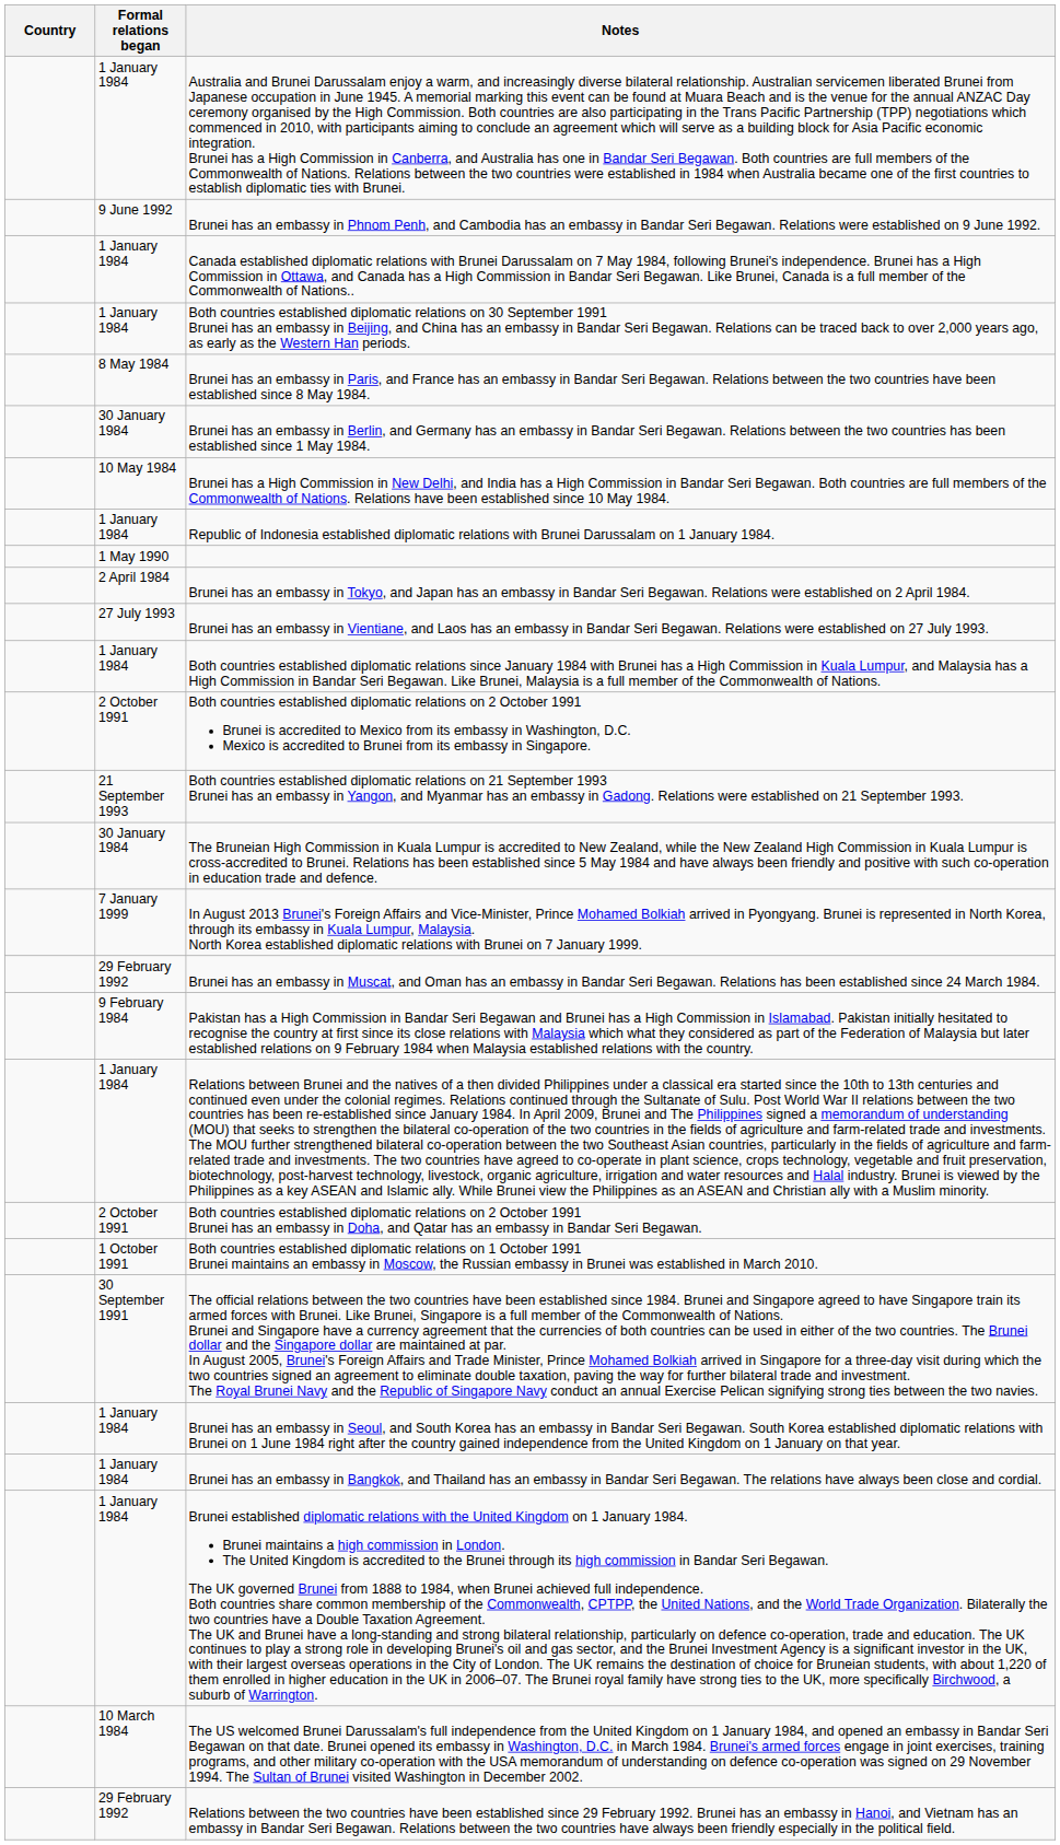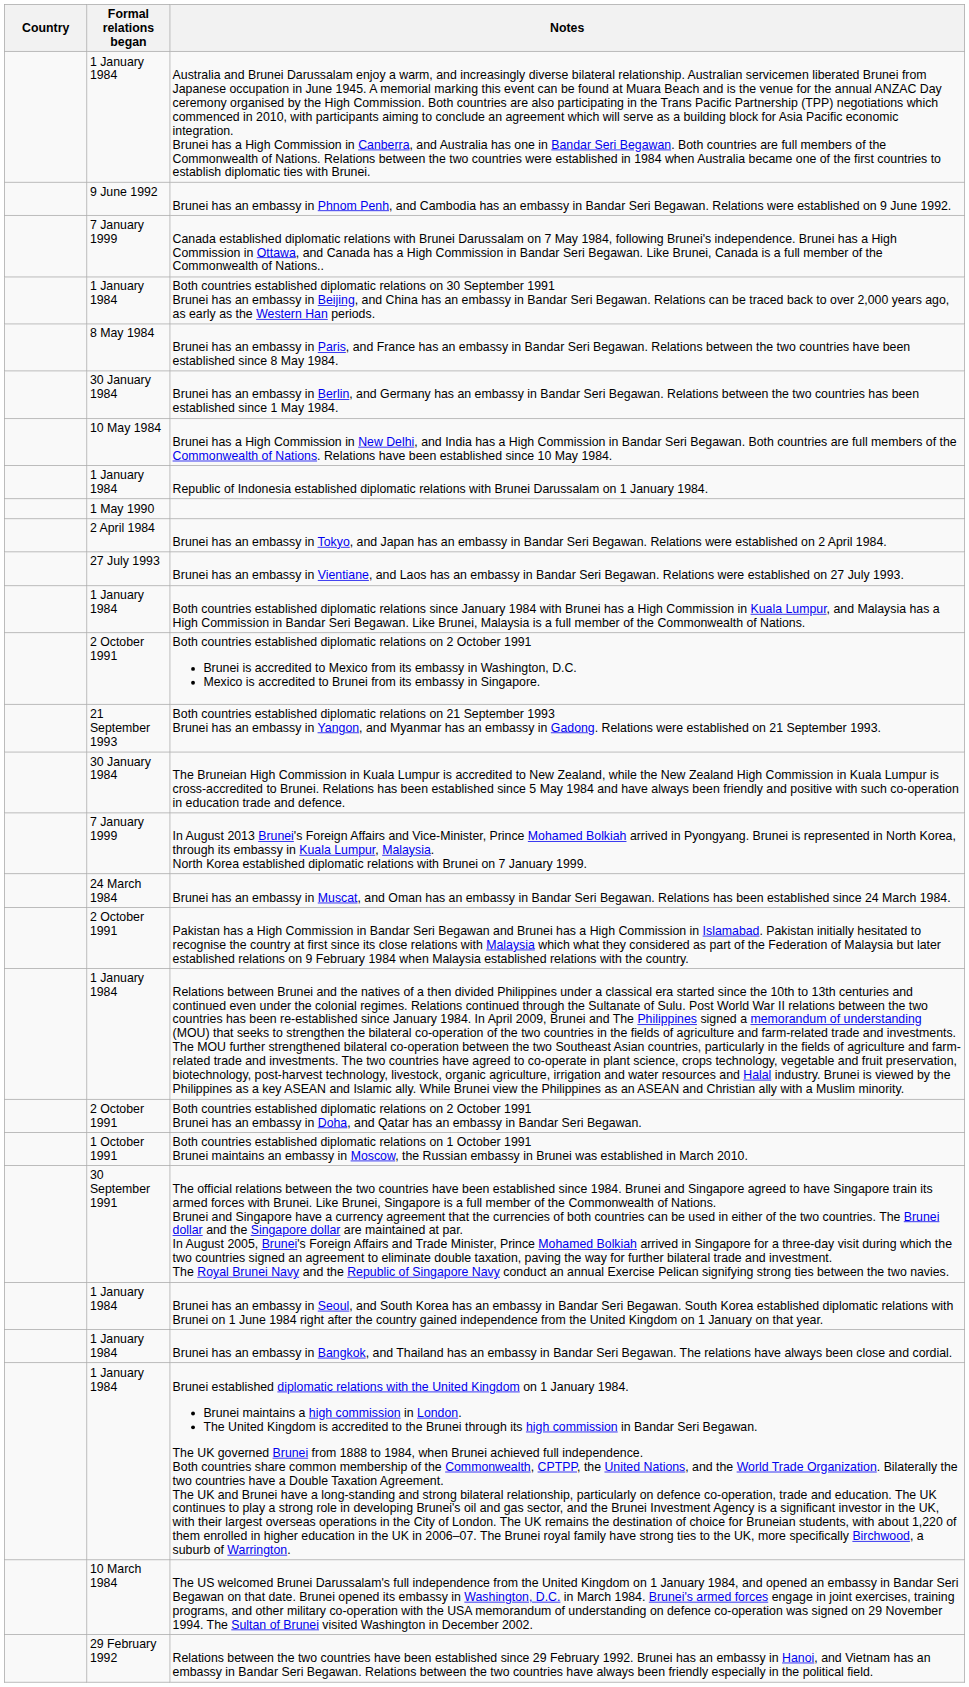 <table class="wikitable sortable">
 <tr>
 <th width=100>Country</th>
 <th width=100>Formal relations began</th>
 <th class=unsortable>Notes</th>
 </tr>
 <tr valign="top">
 <td></td>
 <td>1 January 1984</td>
 <td><br>Australia and Brunei Darussalam enjoy a warm, and increasingly diverse bilateral relationship. Australian servicemen liberated Brunei from Japanese occupation in June 1945. A memorial marking this event can be found at Muara Beach and is the venue for the annual ANZAC Day ceremony organised by the High Commission. Both countries are also participating in the Trans Pacific Partnership (TPP) negotiations which commenced in 2010, with participants aiming to conclude an agreement which will serve as a building block for Asia Pacific economic integration.<br>Brunei has a High Commission in <a href='#'>Canberra</a>, and Australia has one in <a href='#'>Bandar Seri Begawan</a>. Both countries are full members of the Commonwealth of Nations. Relations between the two countries were established in 1984 when Australia became one of the first countries to establish diplomatic ties with Brunei.</td>
 </tr>
 <tr valign="top">
 <td></td>
 <td>9 June 1992</td>
 <td><br>Brunei has an embassy in <a href='#'>Phnom Penh</a>, and Cambodia has an embassy in Bandar Seri Begawan. Relations were established on 9 June 1992.</td>
 </tr>
 <tr valign="top">
 <td></td>
-<td>1 January 1984</td>
+<td>7 January 1999</td>
 <td><br>Canada established diplomatic relations with Brunei Darussalam on 7 May 1984, following Brunei's independence. Brunei has a High Commission in <a href='#'>Ottawa</a>, and Canada has a High Commission in Bandar Seri Begawan. Like Brunei, Canada is a full member of the Commonwealth of Nations..</td>
 </tr>
 <tr valign="top">
 <td></td>
 <td>1 January 1984</td>
 <td>Both countries established diplomatic relations on 30 September 1991<br>Brunei has an embassy in <a href='#'>Beijing</a>, and China has an embassy in Bandar Seri Begawan. Relations can be traced back to over 2,000 years ago, as early as the <a href='#'>Western Han</a> periods.</td>
 </tr>
 <tr valign="top">
 <td></td>
 <td>8 May 1984</td>
 <td><br>Brunei has an embassy in <a href='#'>Paris</a>, and France has an embassy in Bandar Seri Begawan. Relations between the two countries have been established since 8 May 1984.</td>
 </tr>
 <tr valign="top">
 <td></td>
 <td>30 January 1984</td>
 <td><br>Brunei has an embassy in <a href='#'>Berlin</a>, and Germany has an embassy in Bandar Seri Begawan. Relations between the two countries has been established since 1 May 1984.</td>
 </tr>
 <tr valign="top">
 <td></td>
 <td>10 May 1984</td>
 <td><br>Brunei has a High Commission in <a href='#'>New Delhi</a>, and India has a High Commission in Bandar Seri Begawan. Both countries are full members of the <a href='#'>Commonwealth of Nations</a>. Relations have been established since 10 May 1984.</td>
 </tr>
 <tr valign="top">
 <td></td>
 <td>1 January 1984</td>
 <td><br>Republic of Indonesia established diplomatic relations with Brunei Darussalam on 1 January 1984.</td>
 </tr>
 <tr valign="top">
 <td></td>
 <td>1 May 1990</td>
 <td></td>
 </tr>
 <tr valign="top">
 <td></td>
 <td>2 April 1984</td>
 <td><br> Brunei has an embassy in <a href='#'>Tokyo</a>, and Japan has an embassy in Bandar Seri Begawan. Relations were established on 2 April 1984.</td>
 </tr>
 <tr valign="top">
 <td></td>
 <td>27 July 1993</td>
 <td><br>Brunei has an embassy in <a href='#'>Vientiane</a>, and Laos has an embassy in Bandar Seri Begawan. Relations were established on 27 July 1993.</td>
 </tr>
 <tr valign="top">
 <td></td>
 <td>1 January 1984</td>
 <td><br>Both countries established diplomatic relations since January 1984 with Brunei has a High Commission in <a href='#'>Kuala Lumpur</a>, and Malaysia has a High Commission in Bandar Seri Begawan. Like Brunei, Malaysia is a full member of the Commonwealth of Nations.</td>
 </tr>
 <tr valign="top">
 <td></td>
 <td>2 October 1991</td>
 <td>Both countries established diplomatic relations on 2 October 1991<br><ul><li>Brunei is accredited to Mexico from its embassy in Washington, D.C.</li><li>Mexico is accredited to Brunei from its embassy in Singapore.</li></ul></td>
 </tr>
 <tr valign="top">
 <td></td>
 <td>21 September 1993</td>
 <td>Both countries established diplomatic relations on 21 September 1993<br>Brunei has an embassy in <a href='#'>Yangon</a>, and Myanmar has an embassy in <a href='#'>Gadong</a>. Relations were established on 21 September 1993.</td>
 </tr>
 <tr valign="top">
 <td></td>
 <td>30 January 1984</td>
 <td><br>The Bruneian High Commission in Kuala Lumpur is accredited to New Zealand, while the New Zealand High Commission in Kuala Lumpur is cross-accredited to Brunei. Relations has been established since 5 May 1984 and have always been friendly and positive with such co-operation in education trade and defence.</td>
 </tr>
 <tr valign="top">
 <td></td>
 <td>7 January 1999</td>
 <td><br>In August 2013 <a href='#'>Brunei</a>'s Foreign Affairs and Vice-Minister, Prince <a href='#'>Mohamed Bolkiah</a> arrived in Pyongyang. Brunei is represented in North Korea, through its embassy in <a href='#'>Kuala Lumpur</a>, <a href='#'>Malaysia</a>.<br>North Korea established diplomatic relations with Brunei on 7 January 1999.</td>
 </tr>
 <tr valign="top">
 <td></td>
-<td>29 February 1992</td>
+<td>24 March 1984</td>
 <td><br>Brunei has an embassy in <a href='#'>Muscat</a>, and Oman has an embassy in Bandar Seri Begawan. Relations has been established since 24 March 1984.</td>
 </tr>
 <tr valign="top">
 <td></td>
-<td>9 February 1984</td>
+<td>2 October 1991</td>
 <td><br>Pakistan has a High Commission in Bandar Seri Begawan and Brunei has a High Commission in <a href='#'>Islamabad</a>. Pakistan initially hesitated to recognise the country at first since its close relations with <a href='#'>Malaysia</a> which what they considered as part of the Federation of Malaysia but later established relations on 9 February 1984 when Malaysia established relations with the country.</td>
 </tr>
 <tr valign="top">
 <td></td>
 <td>1 January 1984</td>
 <td><br>Relations between Brunei and the natives of a then divided Philippines under a classical era started since the 10th to 13th centuries and continued even under the colonial regimes. Relations continued through the Sultanate of Sulu. Post World War II relations between the two countries has been re-established since January 1984. In April 2009, Brunei and The <a href='#'>Philippines</a> signed a <a href='#'>memorandum of understanding</a> (MOU) that seeks to strengthen the bilateral co-operation of the two countries in the fields of agriculture and farm-related trade and investments. The MOU further strengthened bilateral co-operation between the two Southeast Asian countries, particularly in the fields of agriculture and farm-related trade and investments. The two countries have agreed to co-operate in plant science, crops technology, vegetable and fruit preservation, biotechnology, post-harvest technology, livestock, organic agriculture, irrigation and water resources and <a href='#'>Halal</a> industry. Brunei is viewed by the Philippines as a key ASEAN and Islamic ally. While Brunei view the Philippines as an ASEAN and Christian ally with a Muslim minority.  </td>
 </tr>
 <tr valign="top">
 <td></td>
 <td>2 October 1991</td>
 <td>Both countries established diplomatic relations on 2 October 1991<br>Brunei has an embassy in <a href='#'>Doha</a>, and Qatar has an embassy in Bandar Seri Begawan.</td>
 </tr>
 <tr valign="top">
 <td></td>
 <td>1 October 1991</td>
 <td>Both countries established diplomatic relations on 1 October 1991<br>Brunei maintains an embassy in <a href='#'>Moscow</a>, the Russian embassy in Brunei was established in March 2010.</td>
 </tr>
 <tr valign="top">
 <td></td>
 <td>30 September 1991</td>
 <td><br>The official relations between the two countries have been established since 1984. Brunei and Singapore agreed to have Singapore train its armed forces with Brunei. Like Brunei, Singapore is a full member of the Commonwealth of Nations.<br>Brunei and Singapore have a currency agreement that the currencies of both countries can be used in either of the two countries. The <a href='#'>Brunei dollar</a> and the <a href='#'>Singapore dollar</a> are maintained at par.<br>In August 2005, <a href='#'>Brunei</a>'s Foreign Affairs and Trade Minister, Prince <a href='#'>Mohamed Bolkiah</a> arrived in Singapore for a three-day visit during which the two countries signed an agreement to eliminate double taxation, paving the way for further bilateral trade and investment.<br>The <a href='#'>Royal Brunei Navy</a> and the <a href='#'>Republic of Singapore Navy</a> conduct an annual Exercise Pelican signifying strong ties between the two navies.</td>
 </tr>
 <tr valign="top">
 <td></td>
 <td>1 January 1984</td>
 <td><br>Brunei has an embassy in <a href='#'>Seoul</a>, and South Korea has an embassy in Bandar Seri Begawan. South Korea established diplomatic relations with Brunei on 1 June 1984 right after the country gained independence from the United Kingdom on 1 January on that year.</td>
 </tr>
 <tr valign="top">
 <td></td>
 <td>1 January 1984</td>
 <td><br>Brunei has an embassy in <a href='#'>Bangkok</a>, and Thailand has an embassy in Bandar Seri Begawan. The relations have always been close and cordial.</td>
 </tr>
 <tr valign="top">
 <td></td>
 <td>1 January 1984</td>
 <td><br> Brunei established <a href='#'>diplomatic relations with the United Kingdom</a> on 1 January 1984.<ul><li>Brunei maintains a <a href='#'>high commission</a> in <a href='#'>London</a>.</li><li>The United Kingdom is accredited to the Brunei through its <a href='#'>high commission</a> in Bandar Seri Begawan.</li></ul>The UK governed <a href='#'>Brunei</a> from 1888 to 1984, when Brunei achieved full independence.<br>Both countries share common membership of the <a href='#'>Commonwealth</a>, <a href='#'>CPTPP</a>, the <a href='#'>United Nations</a>, and the <a href='#'>World Trade Organization</a>. Bilaterally the two countries have a Double Taxation Agreement.<br>The UK and Brunei have a long-standing and strong bilateral relationship, particularly on defence co-operation, trade and education. The UK continues to play a strong role in developing Brunei's oil and gas sector, and the Brunei Investment Agency is a significant investor in the UK, with their largest overseas operations in the City of London. The UK remains the destination of choice for Bruneian students, with about 1,220 of them enrolled in higher education in the UK in 2006–07. The Brunei royal family have strong ties to the UK, more specifically <a href='#'>Birchwood</a>, a suburb of <a href='#'>Warrington</a>.</td>
 </tr>
 <tr valign="top">
 <td></td>
 <td>10 March 1984</td>
 <td><br>The US welcomed Brunei Darussalam's full independence from the United Kingdom on 1 January 1984, and opened an embassy in Bandar Seri Begawan on that date. Brunei opened its embassy in <a href='#'>Washington, D.C.</a> in March 1984. <a href='#'>Brunei's armed forces</a> engage in joint exercises, training programs, and other military co-operation with the USA memorandum of understanding on defence co-operation was signed on 29 November 1994. The <a href='#'>Sultan of Brunei</a> visited Washington in December 2002.</td>
 </tr>
 <tr valign="top">
 <td></td>
 <td>29 February 1992</td>
 <td><br>Relations between the two countries have been established since 29 February 1992. Brunei has an embassy in <a href='#'>Hanoi</a>, and Vietnam has an embassy in Bandar Seri Begawan. Relations between the two countries have always been friendly especially in the political field.</td>
 </tr>
 </table>
